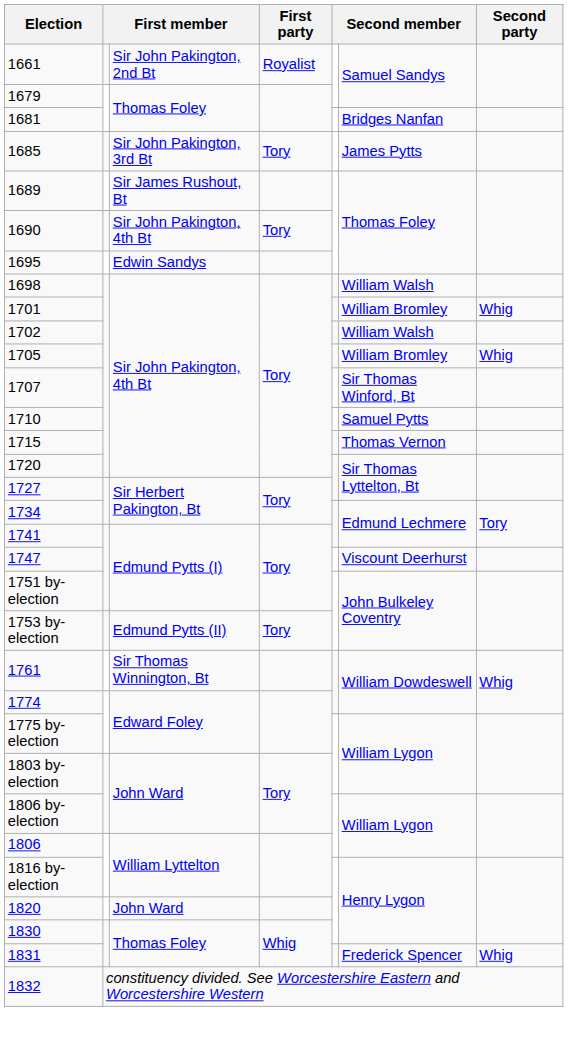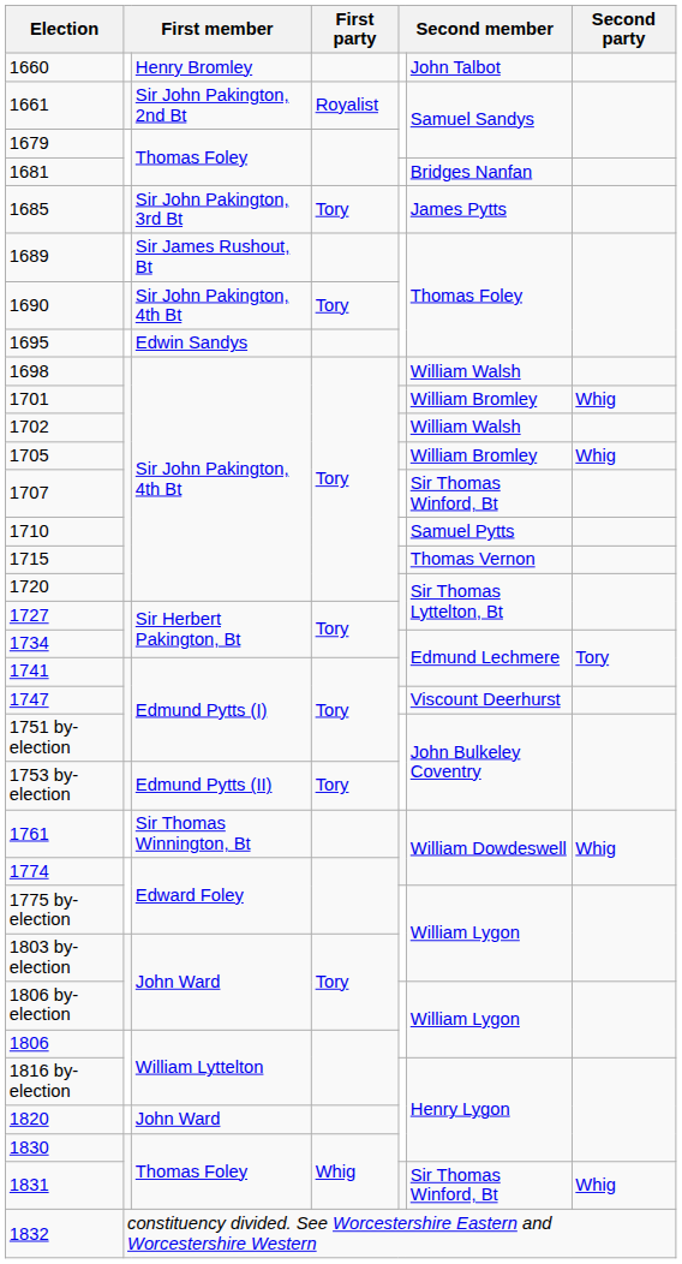 <table class="wikitable">
 <tr>
 <th>Election</th>
 <th colspan="2">First member</th>
 <th>First party</th>
 <th colspan="2">Second member</th>
 <th>Second party</th>
+</tr>
+<tr>
+<td>1660</td>
+<td style="color:inherit;background-color: white"></td>
+<td><a href='#'>Henry Bromley</a></td>
+<td></td>
+<td style="color:inherit;background-color: white"></td>
+<td><a href='#'>John Talbot</a></td>
+<td></td>
 </tr>
 <tr>
 <td>1661</td>
 <td style="color:inherit;background-color: "></td>
 <td><a href='#'>Sir John Pakington, 2nd Bt</a></td>
 <td><a href='#'>Royalist</a></td>
 <td rowspan="2" style="color:inherit;background-color: white"></td>
 <td rowspan="2"><a href='#'>Samuel Sandys</a></td>
 <td rowspan="2"></td>
 </tr>
 <tr>
 <td>1679</td>
 <td rowspan="2" style="color:inherit;background-color: white"></td>
 <td rowspan="2"><a href='#'>Thomas Foley</a></td>
 <td rowspan="2"></td>
 </tr>
 <tr>
 <td>1681</td>
 <td style="color:inherit;background-color: white"></td>
 <td><a href='#'>Bridges Nanfan</a></td>
 <td></td>
 </tr>
 <tr>
 <td>1685</td>
 <td style="color:inherit;background-color: "></td>
 <td><a href='#'>Sir John Pakington, 3rd Bt</a></td>
 <td><a href='#'>Tory</a></td>
 <td style="color:inherit;background-color: white"></td>
 <td><a href='#'>James Pytts</a></td>
 <td></td>
 </tr>
 <tr>
 <td>1689</td>
 <td style="color:inherit;background-color: white"></td>
 <td><a href='#'>Sir James Rushout, Bt</a></td>
 <td></td>
 <td rowspan="3" style="color:inherit;background-color: white"></td>
 <td rowspan="3"><a href='#'>Thomas Foley</a></td>
 <td rowspan="3"></td>
 </tr>
 <tr>
 <td>1690</td>
 <td style="color:inherit;background-color: "></td>
 <td><a href='#'>Sir John Pakington, 4th Bt</a></td>
 <td><a href='#'>Tory</a></td>
 </tr>
 <tr>
 <td>1695</td>
 <td style="color:inherit;background-color: white"></td>
 <td><a href='#'>Edwin Sandys</a></td>
 <td></td>
 </tr>
 <tr>
 <td>1698</td>
 <td rowspan="8" style="color:inherit;background-color: "></td>
 <td rowspan="8"><a href='#'>Sir John Pakington, 4th Bt</a></td>
 <td rowspan="8"><a href='#'>Tory</a></td>
 <td style="color:inherit;background-color: "></td>
 <td><a href='#'>William Walsh</a></td>
 <td></td>
 </tr>
 <tr>
 <td>1701</td>
 <td style="color:inherit;background-color: "></td>
 <td><a href='#'>William Bromley</a></td>
 <td><a href='#'>Whig</a></td>
 </tr>
 <tr>
 <td>1702</td>
 <td style="color:inherit;background-color: "></td>
 <td><a href='#'>William Walsh</a></td>
 <td></td>
 </tr>
 <tr>
 <td>1705</td>
 <td style="color:inherit;background-color: "></td>
 <td><a href='#'>William Bromley</a></td>
 <td><a href='#'>Whig</a></td>
 </tr>
 <tr>
 <td>1707</td>
 <td style="color:inherit;background-color: white"></td>
 <td><a href='#'>Sir Thomas Winford, Bt</a></td>
 <td></td>
 </tr>
 <tr>
 <td>1710</td>
 <td style="color:inherit;background-color: white"></td>
 <td><a href='#'>Samuel Pytts</a></td>
 <td></td>
 </tr>
 <tr>
 <td>1715</td>
 <td style="color:inherit;background-color: "></td>
 <td><a href='#'>Thomas Vernon</a></td>
 <td></td>
 </tr>
 <tr>
 <td>1720</td>
 <td rowspan="2" style="color:inherit;background-color: "></td>
 <td rowspan="2"><a href='#'>Sir Thomas Lyttelton, Bt</a></td>
 <td rowspan="2"></td>
 </tr>
 <tr>
 <td><a href='#'>1727</a></td>
 <td rowspan="2" style="color:inherit;background-color: "></td>
 <td rowspan="2"><a href='#'>Sir Herbert Pakington, Bt</a></td>
 <td rowspan="2"><a href='#'>Tory</a></td>
 </tr>
 <tr>
 <td><a href='#'>1734</a></td>
 <td rowspan="2" style="color:inherit;background-color: "></td>
 <td rowspan="2"><a href='#'>Edmund Lechmere</a></td>
 <td rowspan="2"><a href='#'>Tory</a></td>
 </tr>
 <tr>
 <td><a href='#'>1741</a></td>
 <td rowspan="3" style="color:inherit;background-color: "></td>
 <td rowspan="3"><a href='#'>Edmund Pytts (I)</a></td>
 <td rowspan="3"><a href='#'>Tory</a></td>
 </tr>
 <tr>
 <td><a href='#'>1747</a></td>
 <td style="color:inherit;background-color: white"></td>
 <td><a href='#'>Viscount Deerhurst</a></td>
 <td></td>
 </tr>
 <tr>
 <td>1751 by-election</td>
 <td rowspan="2" style="color:inherit;background-color: white"></td>
 <td rowspan="2"><a href='#'>John Bulkeley Coventry</a></td>
 <td rowspan="2"></td>
 </tr>
 <tr>
 <td>1753 by-election</td>
 <td style="color:inherit;background-color: "></td>
 <td><a href='#'>Edmund Pytts (II)</a></td>
 <td><a href='#'>Tory</a></td>
 </tr>
 <tr>
 <td><a href='#'>1761</a></td>
 <td style="color:inherit;background-color: white"></td>
 <td><a href='#'>Sir Thomas Winnington, Bt</a></td>
 <td></td>
 <td rowspan="2" style="color:inherit;background-color: "></td>
 <td rowspan="2"><a href='#'>William Dowdeswell</a></td>
 <td rowspan="2"><a href='#'>Whig</a></td>
 </tr>
 <tr>
 <td><a href='#'>1774</a></td>
 <td rowspan="2" style="color:inherit;background-color: white"></td>
 <td rowspan="2"><a href='#'>Edward Foley</a></td>
 <td rowspan="2"></td>
 </tr>
 <tr>
 <td>1775 by-election</td>
 <td rowspan="2" style="color:inherit;background-color: white"></td>
 <td rowspan="2"><a href='#'>William Lygon</a></td>
 <td rowspan="2"></td>
 </tr>
 <tr>
 <td>1803 by-election</td>
 <td rowspan="2" style="color:inherit;background-color: "></td>
 <td rowspan="2"><a href='#'>John Ward</a></td>
 <td rowspan="2"><a href='#'>Tory</a></td>
 </tr>
 <tr>
 <td>1806 by-election</td>
 <td rowspan="2" style="color:inherit;background-color: white"></td>
 <td rowspan="2"><a href='#'>William Lygon</a></td>
 <td rowspan="2"></td>
 </tr>
 <tr>
 <td><a href='#'>1806</a></td>
 <td rowspan="2" style="color:inherit;background-color: white"></td>
 <td rowspan="2"><a href='#'>William Lyttelton</a></td>
 <td rowspan="2"></td>
 </tr>
 <tr>
 <td>1816 by-election</td>
 <td rowspan="3" style="color:inherit;background-color: white"></td>
 <td rowspan="3"><a href='#'>Henry Lygon</a></td>
 <td rowspan="3"></td>
 </tr>
 <tr>
 <td><a href='#'>1820</a></td>
 <td style="color:inherit;background-color: white"></td>
 <td><a href='#'>John Ward</a></td>
 <td></td>
 </tr>
 <tr>
 <td><a href='#'>1830</a></td>
 <td rowspan="2" style="color:inherit;background-color: "></td>
 <td rowspan="2"><a href='#'>Thomas Foley</a></td>
 <td rowspan="2"><a href='#'>Whig</a></td>
 </tr>
 <tr>
 <td><a href='#'>1831</a></td>
 <td style="color:inherit;background-color: "></td>
-<td><a href='#'>Frederick Spencer</a></td>
+<td><a href='#'>Sir Thomas Winford, Bt</a></td>
 <td><a href='#'>Whig</a></td>
 </tr>
 <tr>
 <td><a href='#'>1832</a></td>
 <td colspan="6"><em>constituency divided. See <a href='#'>Worcestershire Eastern</a> and <a href='#'>Worcestershire Western</a></em></td>
 </tr>
 </table>
